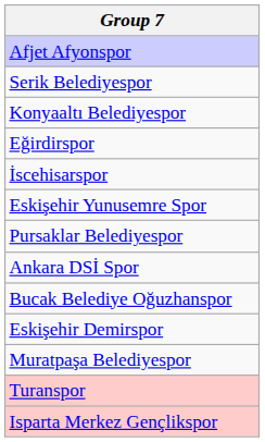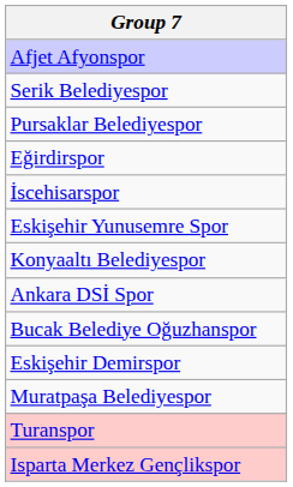 <table class="wikitable collapsible collapsed" style="font-size:95%;">
 <tr>
 <th colspan="1" width="200"><em>Group 7</em></th>
 </tr>
 <tr>
 <td style="background:#ccccff;"><a href='#'>Afjet Afyonspor</a></td>
 </tr>
 <tr>
 <td><a href='#'>Serik Belediyespor</a></td>
 </tr>
 <tr>
-<td><a href='#'>Konyaaltı Belediyespor</a></td>
+<td><a href='#'>Pursaklar Belediyespor</a></td>
 </tr>
 <tr>
 <td><a href='#'>Eğirdirspor</a></td>
 </tr>
 <tr>
 <td><a href='#'>İscehisarspor</a></td>
 </tr>
 <tr>
 <td><a href='#'>Eskişehir Yunusemre Spor</a></td>
 </tr>
 <tr>
-<td><a href='#'>Pursaklar Belediyespor</a></td>
+<td><a href='#'>Konyaaltı Belediyespor</a></td>
 </tr>
 <tr>
 <td><a href='#'>Ankara DSİ Spor</a></td>
 </tr>
 <tr>
 <td><a href='#'>Bucak Belediye Oğuzhanspor</a></td>
 </tr>
 <tr>
 <td><a href='#'>Eskişehir Demirspor</a></td>
 </tr>
 <tr>
 <td><a href='#'>Muratpaşa Belediyespor</a></td>
 </tr>
 <tr>
 <td style="background:#fcc;"><a href='#'>Turanspor</a></td>
 </tr>
 <tr>
 <td style="background:#fcc;"><a href='#'>Isparta Merkez Gençlikspor</a></td>
 </tr>
 </table>
